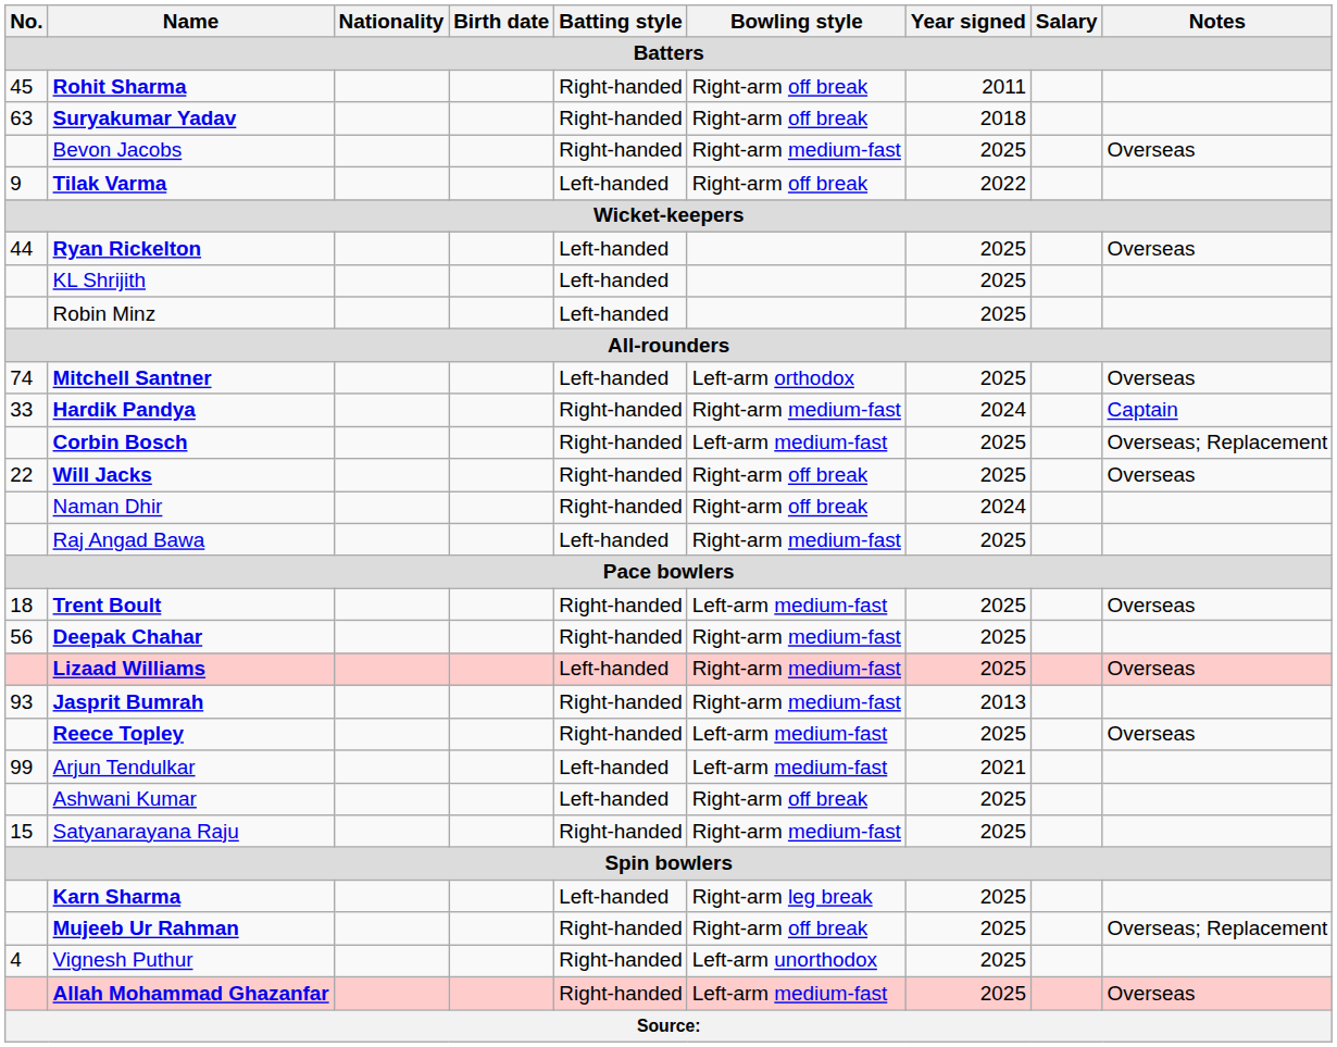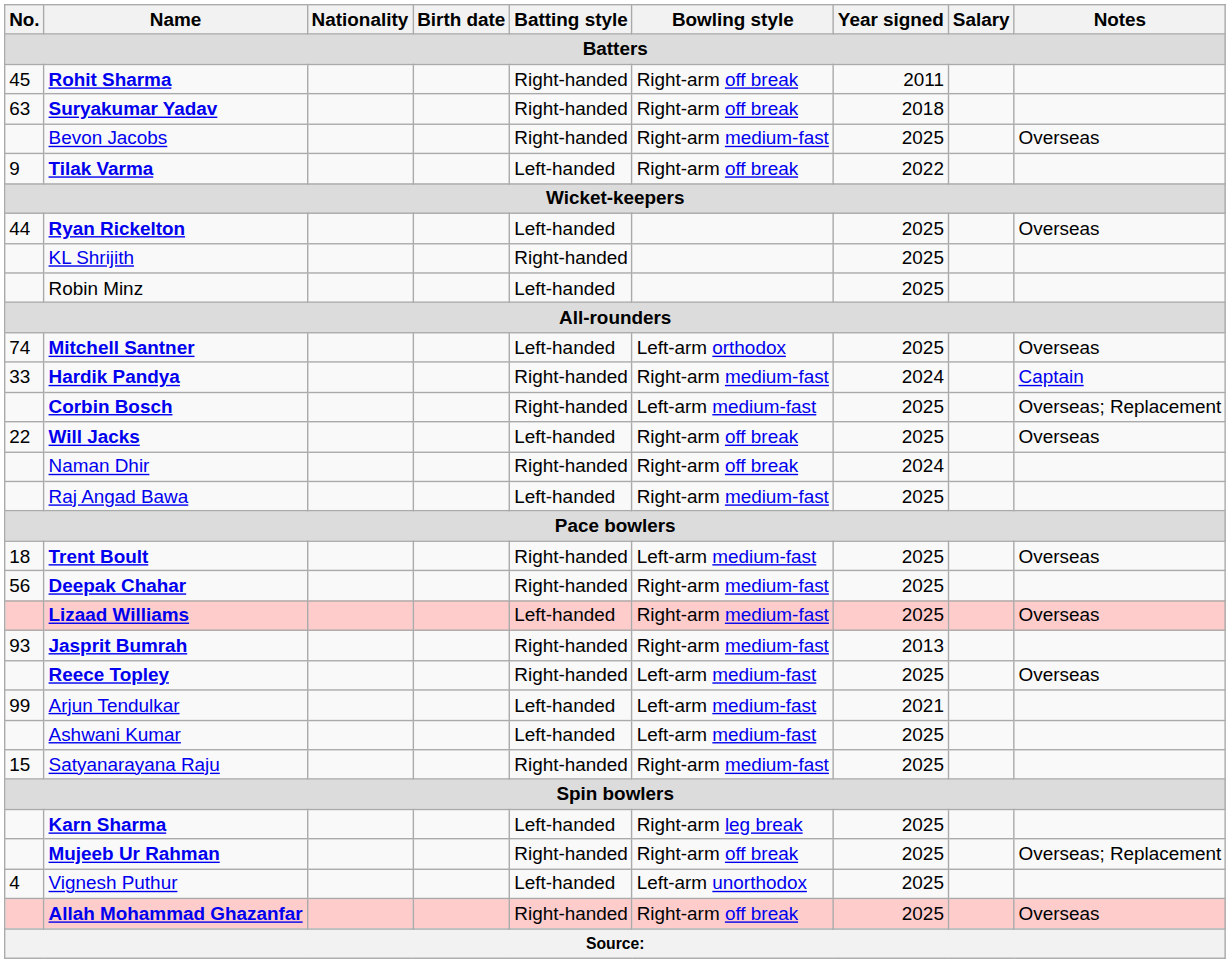 <table class="wikitable"  style="font-size:85%;">
 <tr>
 <th>No.</th>
 <th>Name</th>
 <th>Nationality</th>
 <th>Birth date</th>
 <th>Batting style</th>
 <th>Bowling style</th>
 <th>Year signed</th>
 <th>Salary</th>
 <th>Notes</th>
 </tr>
 <tr>
 <th colspan="9"  style="background:#dcdcdc; text-align:center;">Batters</th>
 </tr>
 <tr>
 <td>45</td>
 <td><strong><a href='#'>Rohit Sharma</a></strong></td>
 <td></td>
 <td></td>
 <td>Right-handed</td>
 <td>Right-arm <a href='#'>off break</a></td>
 <td style="text-align:right;">2011</td>
 <td style="text-align:right;"></td>
 <td></td>
 </tr>
 <tr>
 <td>63</td>
 <td><strong><a href='#'>Suryakumar Yadav</a></strong></td>
 <td></td>
 <td></td>
 <td>Right-handed</td>
 <td>Right-arm <a href='#'>off break</a></td>
 <td style="text-align:right;">2018</td>
 <td style="text-align:right;"></td>
 <td></td>
 </tr>
 <tr>
 <td></td>
 <td><a href='#'>Bevon Jacobs</a></td>
 <td></td>
 <td></td>
 <td>Right-handed</td>
 <td>Right-arm <a href='#'>medium-fast</a></td>
 <td style="text-align:right;">2025</td>
 <td style="text-align:right;"></td>
 <td>Overseas</td>
 </tr>
 <tr>
 <td>9</td>
 <td><strong><a href='#'>Tilak Varma</a></strong></td>
 <td></td>
 <td></td>
 <td>Left-handed</td>
 <td>Right-arm <a href='#'>off break</a></td>
 <td style="text-align:right;">2022</td>
 <td style="text-align:right;"></td>
 <td></td>
 </tr>
 <tr>
 <th colspan="9" style="background:#dcdcdc; text-align:center">Wicket-keepers</th>
 </tr>
 <tr>
 <td>44</td>
 <td><strong><a href='#'>Ryan Rickelton</a></strong></td>
 <td></td>
 <td></td>
 <td>Left-handed</td>
 <td></td>
 <td style="text-align:right;">2025</td>
 <td style="text-align:right;"></td>
 <td>Overseas</td>
 </tr>
 <tr>
 <td></td>
 <td><a href='#'>KL Shrijith</a></td>
 <td></td>
 <td></td>
-<td>Left-handed</td>
+<td>Right-handed</td>
 <td></td>
 <td style="text-align:right;">2025</td>
 <td style="text-align:right;"></td>
 <td></td>
 </tr>
 <tr>
 <td></td>
 <td>Robin Minz</td>
 <td></td>
 <td></td>
 <td>Left-handed</td>
 <td></td>
 <td style="text-align:right;">2025</td>
 <td style="text-align:right;"></td>
 <td></td>
 </tr>
 <tr>
 <th colspan="9" style="background:#dcdcdc; text-align:center">All-rounders</th>
 </tr>
 <tr>
 <td>74</td>
 <td><strong><a href='#'>Mitchell Santner</a></strong></td>
 <td></td>
 <td></td>
 <td>Left-handed</td>
 <td>Left-arm <a href='#'>orthodox</a></td>
 <td style="text-align:right;">2025</td>
 <td style="text-align:right;"></td>
 <td>Overseas</td>
 </tr>
 <tr>
 <td>33</td>
 <td><strong><a href='#'>Hardik Pandya</a></strong></td>
 <td></td>
 <td></td>
 <td>Right-handed</td>
 <td>Right-arm <a href='#'>medium-fast</a></td>
 <td style="text-align:right;">2024</td>
 <td style="text-align:right;"></td>
 <td><a href='#'>Captain</a></td>
 </tr>
 <tr>
 <td></td>
 <td><strong><a href='#'>Corbin Bosch</a></strong></td>
 <td></td>
 <td></td>
 <td>Right-handed</td>
 <td>Left-arm <a href='#'>medium-fast</a></td>
 <td style="text-align:right;">2025</td>
 <td style="text-align:right;"></td>
 <td>Overseas; Replacement</td>
 </tr>
 <tr>
 <td>22</td>
 <td><strong><a href='#'>Will Jacks</a></strong></td>
 <td></td>
 <td></td>
-<td>Right-handed</td>
+<td>Left-handed</td>
 <td>Right-arm <a href='#'>off break</a></td>
 <td style="text-align:right;">2025</td>
 <td style="text-align:right;"></td>
 <td>Overseas</td>
 </tr>
 <tr>
 <td></td>
 <td><a href='#'>Naman Dhir</a></td>
 <td></td>
 <td></td>
 <td>Right-handed</td>
 <td>Right-arm <a href='#'>off break</a></td>
 <td style="text-align:right;">2024</td>
 <td style="text-align:right;"></td>
 <td></td>
 </tr>
 <tr>
 <td></td>
 <td><a href='#'>Raj Angad Bawa</a></td>
 <td></td>
 <td></td>
 <td>Left-handed</td>
 <td>Right-arm <a href='#'>medium-fast</a></td>
 <td style="text-align:right;">2025</td>
 <td style="text-align:right;"></td>
 <td></td>
 </tr>
 <tr>
 <th colspan="9"  style="background:#dcdcdc; text-align:center;">Pace bowlers</th>
 </tr>
 <tr>
 <td>18</td>
 <td><strong><a href='#'>Trent Boult</a></strong></td>
 <td></td>
 <td></td>
 <td>Right-handed</td>
 <td>Left-arm <a href='#'>medium-fast</a></td>
 <td style="text-align:right;">2025</td>
 <td style="text-align:right;"></td>
 <td>Overseas</td>
 </tr>
 <tr>
 <td>56</td>
 <td><strong><a href='#'>Deepak Chahar</a></strong></td>
 <td></td>
 <td></td>
 <td>Right-handed</td>
 <td>Right-arm <a href='#'>medium-fast</a></td>
 <td style="text-align:right;">2025</td>
 <td style="text-align:right;"></td>
 <td></td>
 </tr>
 <tr style="background:#FFCCCC">
 <td></td>
 <td><strong><a href='#'>Lizaad Williams</a></strong></td>
 <td></td>
 <td></td>
 <td>Left-handed</td>
 <td>Right-arm <a href='#'>medium-fast</a></td>
 <td style="text-align:right;">2025</td>
 <td style="text-align:right;"></td>
 <td>Overseas</td>
 </tr>
 <tr>
 <td>93</td>
 <td><strong><a href='#'>Jasprit Bumrah</a></strong></td>
 <td></td>
 <td></td>
 <td>Right-handed</td>
 <td>Right-arm <a href='#'>medium-fast</a></td>
 <td style="text-align:right;">2013</td>
 <td style="text-align:right;"></td>
 <td></td>
 </tr>
 <tr>
 <td></td>
 <td><strong><a href='#'>Reece Topley</a></strong></td>
 <td></td>
 <td></td>
 <td>Right-handed</td>
 <td>Left-arm <a href='#'>medium-fast</a></td>
 <td style="text-align:right;">2025</td>
 <td style="text-align:right;"></td>
 <td>Overseas</td>
 </tr>
 <tr>
 <td>99</td>
 <td><a href='#'>Arjun Tendulkar</a></td>
 <td></td>
 <td></td>
 <td>Left-handed</td>
 <td>Left-arm <a href='#'>medium-fast</a></td>
 <td style="text-align:right;">2021</td>
 <td style="text-align:right;"></td>
 <td></td>
 </tr>
 <tr>
 <td></td>
 <td><a href='#'>Ashwani Kumar</a></td>
 <td></td>
 <td></td>
 <td>Left-handed</td>
-<td>Right-arm <a href='#'>off break</a></td>
+<td>Left-arm <a href='#'>medium-fast</a></td>
 <td style="text-align:right;">2025</td>
 <td style="text-align:right;"></td>
 <td></td>
 </tr>
 <tr>
 <td>15</td>
 <td><a href='#'>Satyanarayana Raju</a></td>
 <td></td>
 <td></td>
 <td>Right-handed</td>
 <td>Right-arm <a href='#'>medium-fast</a></td>
 <td style="text-align:right;">2025</td>
 <td style="text-align:right;"></td>
 <td></td>
 </tr>
 <tr>
 <th colspan="9"  style="background:#dcdcdc; text-align:center;">Spin bowlers</th>
 </tr>
 <tr>
 <td></td>
 <td><strong><a href='#'>Karn Sharma</a></strong></td>
 <td></td>
 <td></td>
 <td>Left-handed</td>
 <td>Right-arm <a href='#'>leg break</a></td>
 <td style="text-align:right;">2025</td>
 <td style="text-align:right;"></td>
 <td></td>
 </tr>
 <tr>
 <td></td>
 <td><strong><a href='#'>Mujeeb Ur Rahman</a></strong></td>
 <td></td>
 <td></td>
 <td>Right-handed</td>
 <td>Right-arm <a href='#'>off break</a></td>
 <td style="text-align:right;">2025</td>
 <td style="text-align:right;"></td>
 <td>Overseas; Replacement</td>
 </tr>
 <tr>
 <td>4</td>
 <td><a href='#'>Vignesh Puthur</a></td>
 <td></td>
 <td></td>
-<td>Right-handed</td>
+<td>Left-handed</td>
 <td>Left-arm <a href='#'>unorthodox</a></td>
 <td style="text-align:right;">2025</td>
 <td style="text-align:right;"></td>
 <td></td>
 </tr>
 <tr style="background:#FFCCCC">
 <td></td>
 <td><strong><a href='#'>Allah Mohammad Ghazanfar</a></strong></td>
 <td></td>
 <td></td>
 <td>Right-handed</td>
-<td>Left-arm <a href='#'>medium-fast</a></td>
+<td>Right-arm <a href='#'>off break</a></td>
 <td style="text-align:right;">2025</td>
 <td style="text-align:right;"></td>
 <td>Overseas</td>
 </tr>
 <tr>
 <th colspan="9" style="text-align:center;"><small>Source: </small></th>
 </tr>
 </table>
